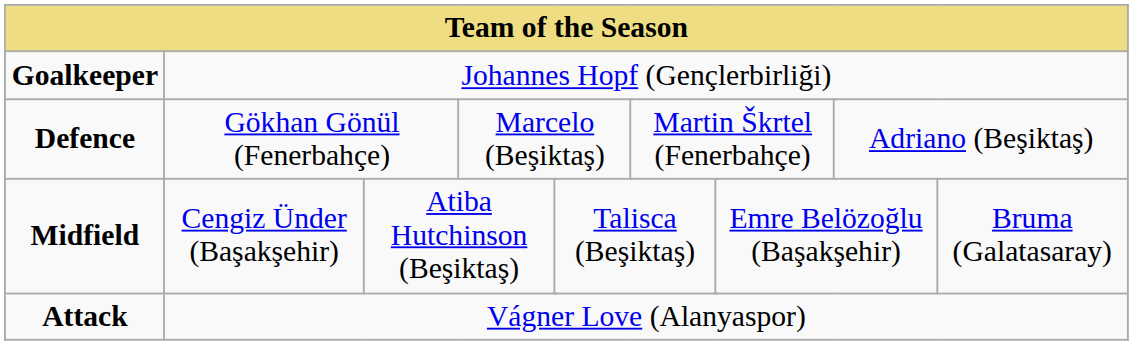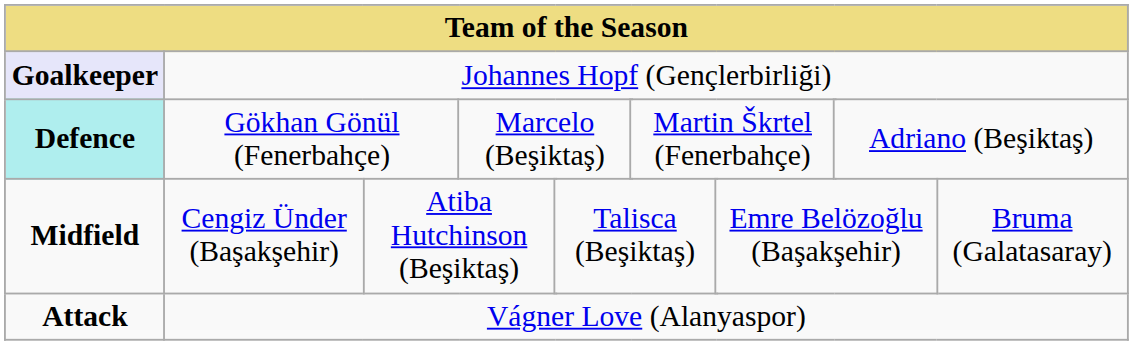 <table class="wikitable" style="text-align:center">
 <tr>
 <th colspan="21" style="background-color: #eedd82">Team of the Season</th>
 </tr>
 <tr>
-<td><strong>Goalkeeper</strong></td>
+<td style="background: lavender;"><strong>Goalkeeper</strong></td>
 <td colspan="20"> <a href='#'>Johannes Hopf</a> (Gençlerbirliği)</td>
 </tr>
 <tr>
-<td><strong>Defence</strong></td>
+<td style="background: paleturquoise;"><strong>Defence</strong></td>
 <td colspan="5"> <a href='#'>Gökhan Gönül</a> (Fenerbahçe)</td>
 <td colspan="5"> <a href='#'>Marcelo</a> (Beşiktaş)</td>
 <td colspan="5"> <a href='#'>Martin Škrtel</a> (Fenerbahçe)</td>
 <td colspan="5"> <a href='#'>Adriano</a> (Beşiktaş)</td>
 </tr>
 <tr>
 <td><strong>Midfield</strong></td>
 <td colspan="4"> <a href='#'>Cengiz Ünder</a> (Başakşehir)</td>
 <td colspan="4"> <a href='#'>Atiba Hutchinson</a> (Beşiktaş)</td>
 <td colspan="4"> <a href='#'>Talisca</a> (Beşiktaş)</td>
 <td colspan="4"> <a href='#'>Emre Belözoğlu</a> (Başakşehir)</td>
 <td colspan="4"> <a href='#'>Bruma</a> (Galatasaray)</td>
 </tr>
 <tr>
 <td><strong>Attack</strong></td>
 <td colspan="20"> <a href='#'>Vágner Love</a> (Alanyaspor)</td>
 </tr>
 </table>
